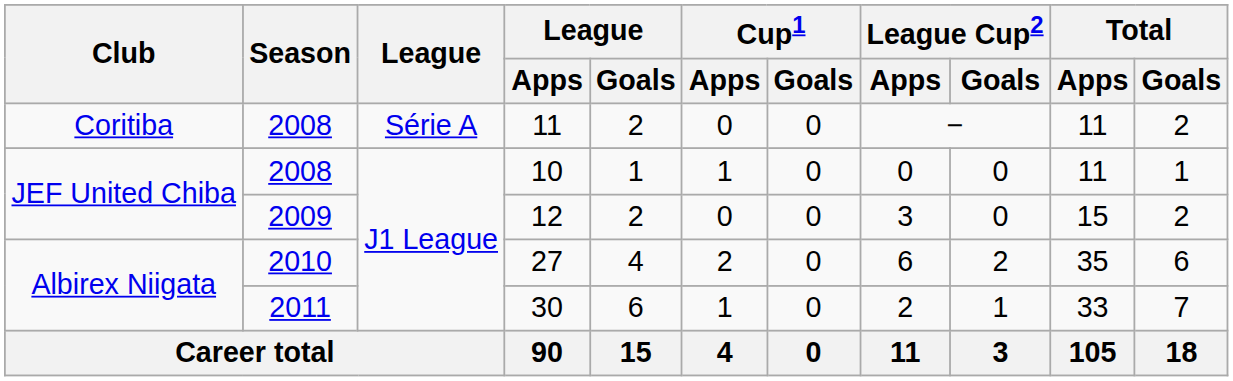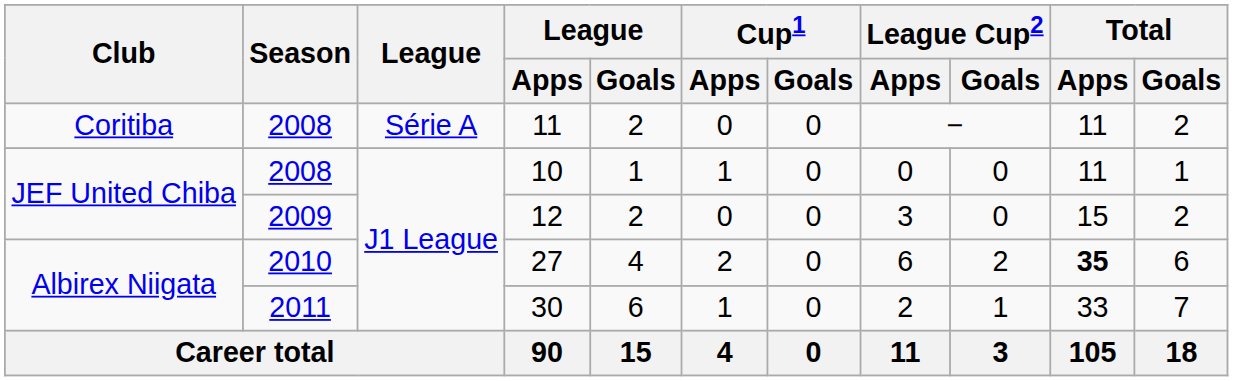 <table class="wikitable" style="text-align:center;">
 <tr>
 <th rowspan="2">Club</th>
 <th rowspan="2">Season</th>
 <th rowspan="2">League</th>
 <th colspan="2">League</th>
 <th colspan="2">Cup<sup><a href='#'>1</a></sup></th>
 <th colspan="2">League Cup<sup><a href='#'>2</a></sup></th>
 <th colspan="2">Total</th>
 </tr>
 <tr>
 <th>Apps</th>
 <th>Goals</th>
 <th>Apps</th>
 <th>Goals</th>
 <th>Apps</th>
 <th>Goals</th>
 <th>Apps</th>
 <th>Goals</th>
 </tr>
 <tr>
 <td><a href='#'>Coritiba</a></td>
 <td><a href='#'>2008</a></td>
 <td><a href='#'>Série A</a></td>
 <td>11</td>
 <td>2</td>
 <td>0</td>
 <td>0</td>
 <td colspan="2">−</td>
 <td>11</td>
 <td>2</td>
 </tr>
 <tr>
 <td rowspan="2"><a href='#'>JEF United Chiba</a></td>
 <td><a href='#'>2008</a></td>
 <td rowspan="4"><a href='#'>J1 League</a></td>
 <td>10</td>
 <td>1</td>
 <td>1</td>
 <td>0</td>
 <td>0</td>
 <td>0</td>
 <td>11</td>
 <td>1</td>
 </tr>
 <tr>
 <td><a href='#'>2009</a></td>
 <td>12</td>
 <td>2</td>
 <td>0</td>
 <td>0</td>
 <td>3</td>
 <td>0</td>
 <td>15</td>
 <td>2</td>
 </tr>
 <tr>
 <td rowspan="2"><a href='#'>Albirex Niigata</a></td>
 <td><a href='#'>2010</a></td>
 <td>27</td>
 <td>4</td>
 <td>2</td>
 <td>0</td>
 <td>6</td>
 <td>2</td>
-<td>35</td>
+<td><strong>35</strong></td>
 <td>6</td>
 </tr>
 <tr>
 <td><a href='#'>2011</a></td>
 <td>30</td>
 <td>6</td>
 <td>1</td>
 <td>0</td>
 <td>2</td>
 <td>1</td>
 <td>33</td>
 <td>7</td>
 </tr>
 <tr>
 <th colspan="3">Career total</th>
 <th>90</th>
 <th>15</th>
 <th>4</th>
 <th>0</th>
 <th>11</th>
 <th>3</th>
 <th>105</th>
 <th>18</th>
 </tr>
 </table>
